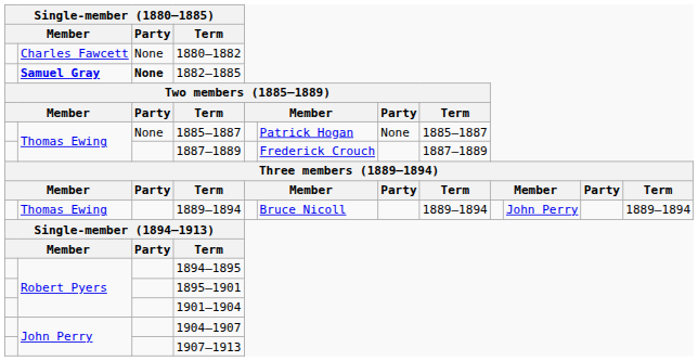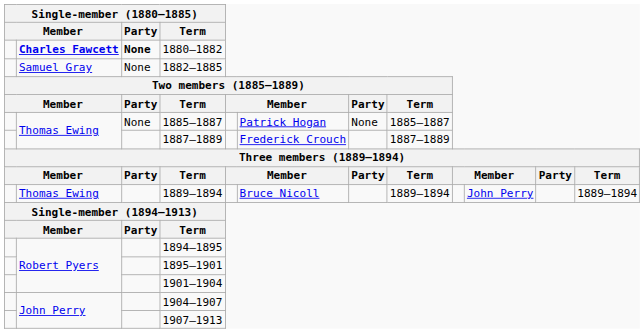 <table class="wikitable" style='border-style: none none none none;'>
 <tr>
 <th colspan="4">Single-member (1880–1885)</th>
 </tr>
 <tr>
 <th colspan="2">Member</th>
 <th>Party</th>
 <th>Term</th>
 </tr>
 <tr style="background: #f9f9f9">
 <td> </td>
-<td><a href='#'>Charles Fawcett</a></td>
-<td>None</td>
+<td><strong><a href='#'>Charles Fawcett</a></strong></td>
+<td><strong>None</strong></td>
 <td>1880–1882</td>
 </tr>
 <tr style="background: #f9f9f9">
 <td> </td>
-<td><strong><a href='#'>Samuel Gray</a></strong></td>
-<td><strong>None</strong></td>
+<td><a href='#'>Samuel Gray</a></td>
+<td>None</td>
 <td>1882–1885</td>
 </tr>
 <tr>
 <th colspan="8">Two members (1885–1889)</th>
 </tr>
 <tr>
 <th colspan="2">Member</th>
 <th>Party</th>
 <th>Term</th>
 <th colspan="2">Member</th>
 <th>Party</th>
 <th>Term</th>
 </tr>
 <tr style="background: #f9f9f9">
 <td> </td>
 <td rowspan="2"><a href='#'>Thomas Ewing</a></td>
 <td>None</td>
 <td>1885–1887</td>
 <td> </td>
 <td><a href='#'>Patrick Hogan</a></td>
 <td>None</td>
 <td>1885–1887</td>
 </tr>
 <tr style="background: #f9f9f9">
 <td> </td>
 <td></td>
 <td>1887–1889</td>
 <td> </td>
 <td><a href='#'>Frederick Crouch</a></td>
 <td></td>
 <td>1887–1889</td>
 </tr>
 <tr>
 <th colspan="12">Three members (1889–1894)</th>
 </tr>
 <tr>
 <th colspan="2">Member</th>
 <th>Party</th>
 <th>Term</th>
 <th colspan="2">Member</th>
 <th>Party</th>
 <th>Term</th>
 <th colspan="2">Member</th>
 <th>Party</th>
 <th>Term</th>
 </tr>
 <tr style="background: #f9f9f9">
 <td> </td>
 <td><a href='#'>Thomas Ewing</a></td>
 <td></td>
 <td>1889–1894</td>
 <td> </td>
 <td><a href='#'>Bruce Nicoll</a></td>
 <td></td>
 <td>1889–1894</td>
 <td> </td>
 <td><a href='#'>John Perry</a></td>
 <td></td>
 <td>1889–1894</td>
 </tr>
 <tr>
 <th colspan="4">Single-member (1894–1913)</th>
 </tr>
 <tr>
 <th colspan="2">Member</th>
 <th>Party</th>
 <th>Term</th>
 </tr>
 <tr style="background: #f9f9f9">
 <td> </td>
 <td rowspan="3"><a href='#'>Robert Pyers</a></td>
 <td></td>
 <td>1894–1895</td>
 </tr>
 <tr style="background: #f9f9f9">
 <td> </td>
 <td></td>
 <td>1895–1901</td>
 </tr>
 <tr style="background: #f9f9f9">
 <td> </td>
 <td></td>
 <td>1901–1904</td>
 </tr>
 <tr style="background: #f9f9f9">
 <td> </td>
 <td rowspan="2"><a href='#'>John Perry</a></td>
 <td></td>
 <td>1904–1907</td>
 </tr>
 <tr style="background: #f9f9f9">
 <td> </td>
 <td></td>
 <td>1907–1913</td>
 </tr>
 </table>
